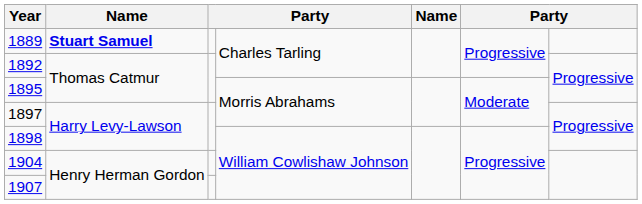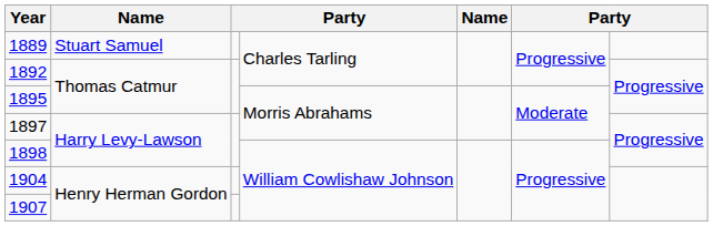 <table class="wikitable">
 <tr>
 <th>Year</th>
 <th>Name</th>
 <th colspan=2>Party</th>
 <th>Name</th>
 <th colspan=2>Party</th>
 </tr>
 <tr>
 <td><a href='#'>1889</a></td>
-<td><strong><a href='#'>Stuart Samuel</a></strong></td>
+<td><a href='#'>Stuart Samuel</a></td>
 <td></td>
 <td rowspan=2>Charles Tarling</td>
 <td rowspan=2 style="background-color: "></td>
 <td rowspan=2><a href='#'>Progressive</a></td>
 </tr>
 <tr>
 <td><a href='#'>1892</a></td>
 <td rowspan=2>Thomas Catmur</td>
 <td rowspan=2 style="background-color: "></td>
 <td rowspan=2><a href='#'>Progressive</a></td>
 </tr>
 <tr>
 <td><a href='#'>1895</a></td>
 <td rowspan=2>Morris Abrahams</td>
 <td rowspan=2 style="background-color: "></td>
 <td rowspan=2><a href='#'>Moderate</a></td>
 </tr>
 <tr>
 <td>1897</td>
 <td rowspan=2><a href='#'>Harry Levy-Lawson</a></td>
 <td rowspan=2 style="background-color: "></td>
 <td rowspan=2><a href='#'>Progressive</a></td>
 </tr>
 <tr>
 <td><a href='#'>1898</a></td>
 <td rowspan=3><a href='#'>William Cowlishaw Johnson</a></td>
 <td rowspan=3 style="background-color: "></td>
 <td rowspan=3><a href='#'>Progressive</a></td>
 </tr>
 <tr>
 <td><a href='#'>1904</a></td>
 <td rowspan=2>Henry Herman Gordon</td>
 <td></td>
 </tr>
 <tr>
 <td><a href='#'>1907</a></td>
 <td></td>
 </tr>
 </table>
